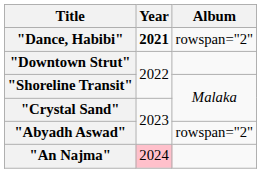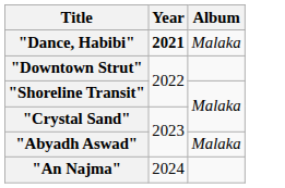 <table class="wikitable plainrowheaders" style="text-align:center;">
 <tr>
 <th scope="col">Title</th>
 <th scope="col">Year</th>
 <th scope="col">Album</th>
 </tr>
 <tr>
 <th scope="row">"Dance, Habibi"</th>
 <td><strong>2021</strong></td>
-<td>rowspan="2" </td>
+<td><em>Malaka</em></td>
 </tr>
 <tr>
 <th scope="row">"Downtown Strut"</th>
 <td rowspan="2">2022</td>
 <td></td>
 </tr>
 <tr>
 <th scope="row">"Shoreline Transit"</th>
 <td rowspan="2"><em>Malaka</em></td>
 </tr>
 <tr>
 <th scope="row">"Crystal Sand"</th>
 <td rowspan="2">2023</td>
 </tr>
 <tr>
 <th scope="row">"Abyadh Aswad"</th>
-<td>rowspan="2" </td>
+<td><em>Malaka</em></td>
 </tr>
 <tr>
 <th scope="row">"An Najma"<br></th>
-<td style="background: pink;">2024</td>
+<td>2024</td>
 </tr>
 </table>
